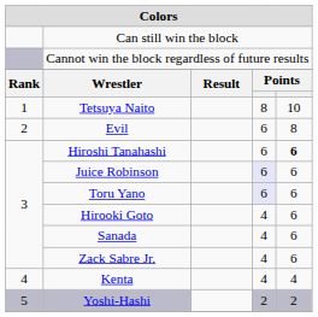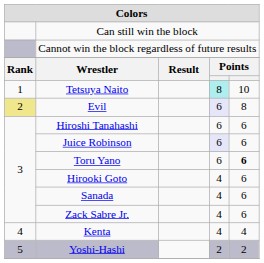 <table class="wikitable mw-collapsible mw-collapsed" plainrowheaders sortable" style="text-align: center">
 <tr>
 <th style="background: #DDDDDD;" colspan="5">Colors</th>
 </tr>
 <tr>
 <td></td>
 <td colspan="4">Can still win the block</td>
 </tr>
 <tr>
 <td style="background: #BBBBCC;"><br></td>
 <td colspan="4">Cannot win the block regardless of future results</td>
 </tr>
 <tr>
 </tr>
 <tr>
 <th scope="col" rowspan="2">Rank</th>
 <th scope="col" rowspan="2">Wrestler</th>
 <th scope="col" rowspan="2">Result</th>
 <th scope="col" colspan="2">Points</th>
 </tr>
 <tr>
 <th></th>
 <th></th>
 </tr>
 <tr>
 <td>1</td>
 <td><a href='#'>Tetsuya Naito</a></td>
 <td></td>
-<td>8</td>
+<td style="background: paleturquoise;">8</td>
 <td>10</td>
 </tr>
 <tr>
-<td>2</td>
+<td style="background: khaki;">2</td>
 <td><a href='#'>Evil</a></td>
 <td></td>
-<td>6</td>
+<td style="background: lavender;">6</td>
 <td>8</td>
 </tr>
 <tr>
 <td rowspan="6">3</td>
 <td><a href='#'>Hiroshi Tanahashi</a></td>
 <td></td>
 <td>6</td>
-<td><strong>6</strong></td>
+<td>6</td>
 </tr>
 <tr>
 <td><a href='#'>Juice Robinson</a></td>
 <td></td>
 <td style="background: lavender;">6</td>
 <td>6</td>
 </tr>
 <tr>
 <td><a href='#'>Toru Yano</a></td>
 <td></td>
-<td style="background: lavender;">6</td>
 <td>6</td>
+<td><strong>6</strong></td>
 </tr>
 <tr>
 <td><a href='#'>Hirooki Goto</a></td>
 <td></td>
 <td>4</td>
 <td>6</td>
 </tr>
 <tr>
 <td><a href='#'>Sanada</a></td>
 <td></td>
 <td>4</td>
 <td>6</td>
 </tr>
 <tr>
 <td><a href='#'>Zack Sabre Jr.</a></td>
 <td></td>
 <td>4</td>
 <td>6</td>
 </tr>
 <tr>
 <td>4</td>
 <td><a href='#'>Kenta</a></td>
 <td></td>
 <td>4</td>
 <td>4</td>
 </tr>
 <tr>
 <td style="background: #BBBBCC;">5</td>
 <td style="background: #BBBBCC;"><a href='#'>Yoshi-Hashi</a></td>
 <td></td>
 <td style="background: #BBBBCC;">2</td>
 <td style="background: #BBBBCC;">2</td>
 </tr>
 <tr>
 </tr>
 </table>
